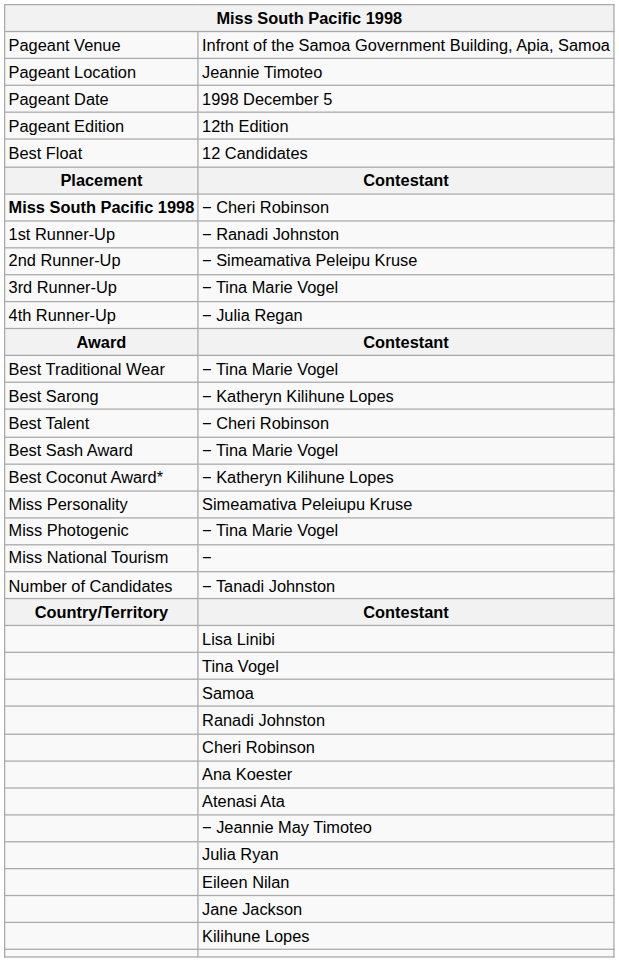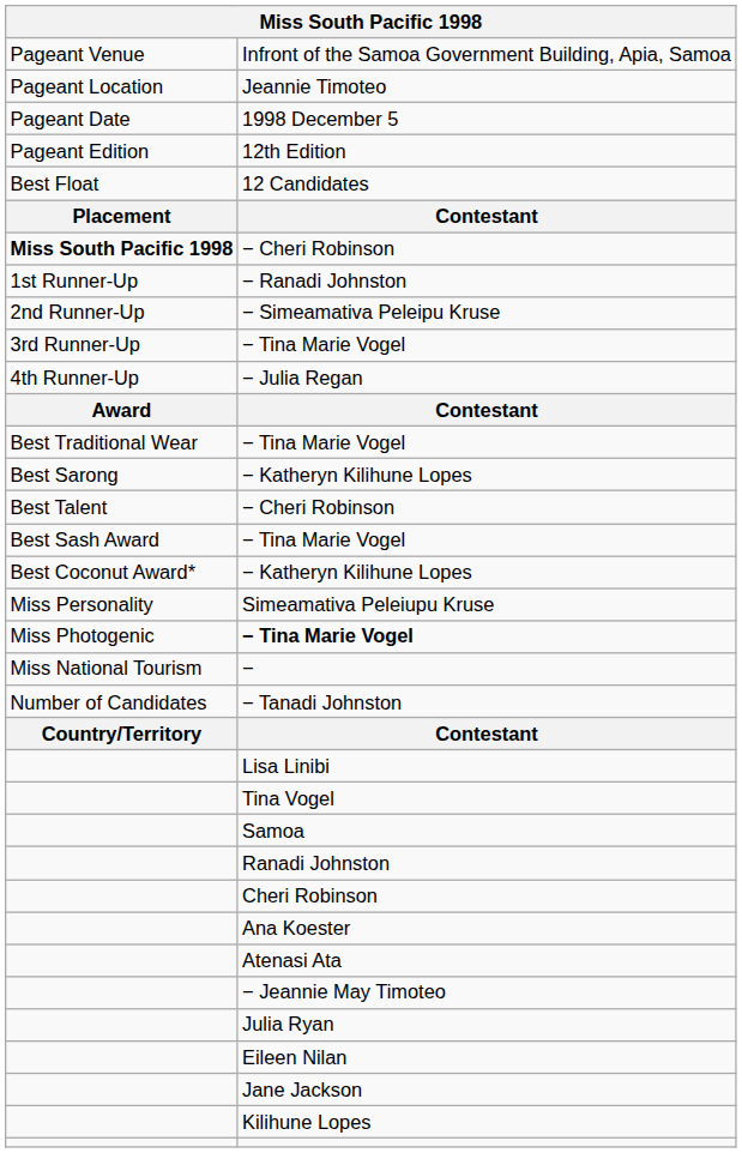 <table class="wikitable sortable" style="font-size: 80%;">
 <tr>
 <th colspan="2"><strong>Miss South Pacific 1998</strong></th>
 </tr>
 <tr>
 <td>Pageant Venue</td>
 <td>Infront of the Samoa Government Building, Apia, Samoa</td>
 </tr>
 <tr>
 <td>Pageant Location</td>
 <td>Jeannie Timoteo</td>
 </tr>
 <tr>
 <td>Pageant Date</td>
 <td>1998 December 5</td>
 </tr>
 <tr>
 <td>Pageant Edition</td>
 <td>12th Edition</td>
 </tr>
 <tr>
 <td>Best Float</td>
 <td>12 Candidates</td>
 </tr>
 <tr>
 <th>Placement</th>
 <th>Contestant</th>
 </tr>
 <tr>
 <td><strong>Miss South Pacific 1998</strong></td>
 <td> − Cheri Robinson</td>
 </tr>
 <tr>
 <td>1st Runner-Up</td>
 <td> − Ranadi Johnston</td>
 </tr>
 <tr>
 <td>2nd Runner-Up</td>
 <td> − Simeamativa Peleipu Kruse</td>
 </tr>
 <tr>
 <td>3rd Runner-Up</td>
 <td> − Tina Marie Vogel</td>
 </tr>
 <tr>
 <td>4th Runner-Up</td>
 <td> − Julia Regan</td>
 </tr>
 <tr>
 <th>Award</th>
 <th>Contestant</th>
 </tr>
 <tr>
 <td>Best Traditional Wear</td>
 <td> − Tina Marie Vogel</td>
 </tr>
 <tr>
 <td>Best Sarong</td>
 <td> − Katheryn Kilihune Lopes</td>
 </tr>
 <tr>
 <td>Best Talent</td>
 <td> − Cheri Robinson</td>
 </tr>
 <tr>
 <td>Best Sash Award</td>
 <td> − Tina Marie Vogel</td>
 </tr>
 <tr>
 <td>Best Coconut Award*</td>
 <td> − Katheryn Kilihune Lopes</td>
 </tr>
 <tr>
 <td>Miss Personality</td>
 <td>Simeamativa Peleiupu Kruse</td>
 </tr>
 <tr>
 <td>Miss Photogenic</td>
-<td> − Tina Marie Vogel</td>
+<td><strong> − Tina Marie Vogel</strong></td>
 </tr>
 <tr>
 <td>Miss National Tourism</td>
 <td> −</td>
 </tr>
 <tr>
 <td>Number of Candidates</td>
 <td> − Tanadi Johnston</td>
 </tr>
 <tr>
 <th><strong>Country/Territory</strong></th>
 <th>Contestant</th>
 </tr>
 <tr>
 <td></td>
 <td>Lisa Linibi</td>
 </tr>
 <tr>
 <td></td>
 <td>Tina Vogel</td>
 </tr>
 <tr>
 <td></td>
 <td>Samoa</td>
 </tr>
 <tr>
 <td></td>
 <td>Ranadi Johnston</td>
 </tr>
 <tr>
 <td></td>
 <td>Cheri Robinson</td>
 </tr>
 <tr>
 <td></td>
 <td>Ana Koester</td>
 </tr>
 <tr>
 <td></td>
 <td>Atenasi Ata</td>
 </tr>
 <tr>
 <td></td>
 <td> − Jeannie May Timoteo</td>
 </tr>
 <tr>
 <td></td>
 <td>Julia Ryan</td>
 </tr>
 <tr>
 <td></td>
 <td>Eileen Nilan</td>
 </tr>
 <tr>
 <td></td>
 <td>Jane Jackson</td>
 </tr>
 <tr>
 <td></td>
 <td>Kilihune Lopes</td>
 </tr>
 <tr>
 <td></td>
 </tr>
 </table>
